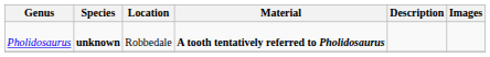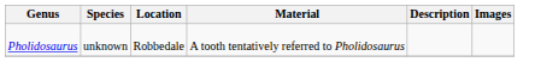 <table class="wikitable" align="center">
 <tr>
 <th>Genus</th>
 <th>Species</th>
 <th>Location</th>
 <th>Material</th>
 <th>Description</th>
 <th>Images</th>
 </tr>
 <tr>
 <td><br><em><a href='#'>Pholidosaurus</a></em></td>
-<td><strong><br>unknown</strong></td>
+<td><br>unknown</td>
 <td><br>Robbedale</td>
-<td><strong><br>A tooth tentatively referred to <em>Pholidosaurus</em></strong></td>
+<td><br>A tooth tentatively referred to <em>Pholidosaurus</em></td>
 <td></td>
 <td><br></td>
 </tr>
 <tr>
 </tr>
 </table>
